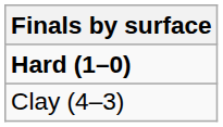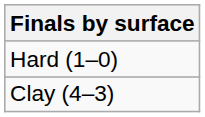 <table class=wikitable style=font-size:90%>
 <tr>
 <th>Finals by surface</th>
 </tr>
 <tr>
-<td><strong>Hard (1–0)</strong></td>
+<td>Hard (1–0)</td>
 </tr>
 <tr>
 <td>Clay (4–3)</td>
 </tr>
 </table>
